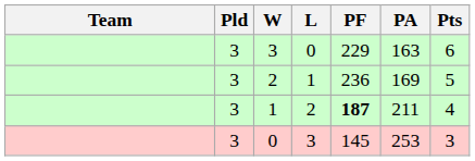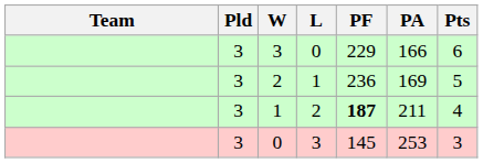 <table class="wikitable" style="text-align:center;">
 <tr>
 <th width=170>Team</th>
 <th width=25>Pld</th>
 <th width=25>W</th>
 <th width=25>L</th>
 <th width=35>PF</th>
 <th width=35>PA</th>
 <th width=25>Pts</th>
 </tr>
 <tr bgcolor=#ccffcc>
 <td align="left"></td>
 <td>3</td>
 <td>3</td>
 <td>0</td>
 <td>229</td>
-<td>163</td>
+<td>166</td>
 <td>6</td>
 </tr>
 <tr bgcolor=#ccffcc>
 <td align="left"></td>
 <td>3</td>
 <td>2</td>
 <td>1</td>
 <td>236</td>
 <td>169</td>
 <td>5</td>
 </tr>
 <tr bgcolor=#ccffcc>
 <td align="left"></td>
 <td>3</td>
 <td>1</td>
 <td>2</td>
 <td><strong>187</strong></td>
 <td>211</td>
 <td>4</td>
 </tr>
 <tr bgcolor=#ffcccc>
 <td align="left"></td>
 <td>3</td>
 <td>0</td>
 <td>3</td>
 <td>145</td>
 <td>253</td>
 <td>3</td>
 </tr>
 </table>
